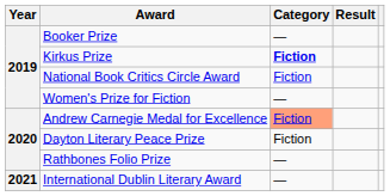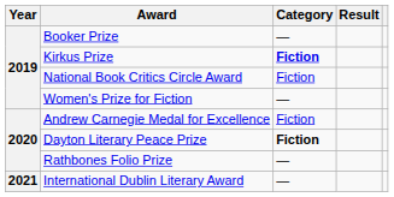 <table class="wikitable plainrowheaders sortable">
 <tr>
 <th scope="col">Year</th>
 <th scope="col">Award</th>
 <th scope="col">Category</th>
 <th scope="col">Result</th>
 <th scope="col" class="unsortable"></th>
 </tr>
 <tr>
 <th rowspan="4">2019</th>
 <td><a href='#'>Booker Prize</a></td>
 <td>—</td>
 <td></td>
 <td style="text-align:center;"></td>
 </tr>
 <tr>
 <td><a href='#'>Kirkus Prize</a></td>
 <td><strong><a href='#'>Fiction</a></strong></td>
 <td></td>
 <td style="text-align:center;"></td>
 </tr>
 <tr>
 <td><a href='#'>National Book Critics Circle Award</a></td>
 <td><a href='#'>Fiction</a></td>
 <td></td>
 <td style="text-align:center;"></td>
 </tr>
 <tr>
 <td><a href='#'>Women's Prize for Fiction</a></td>
 <td>—</td>
 <td></td>
 <td style="text-align:center;"></td>
 </tr>
 <tr>
 <th rowspan="3">2020</th>
 <td><a href='#'>Andrew Carnegie Medal for Excellence</a></td>
-<td style="background: lightsalmon;"><a href='#'>Fiction</a></td>
+<td><a href='#'>Fiction</a></td>
 <td></td>
 <td style="text-align:center;"></td>
 </tr>
 <tr>
 <td><a href='#'>Dayton Literary Peace Prize</a></td>
-<td>Fiction</td>
+<td><strong>Fiction</strong></td>
 <td></td>
 <td style="text-align:center;"></td>
 </tr>
 <tr>
 <td><a href='#'>Rathbones Folio Prize</a></td>
 <td>—</td>
 <td></td>
 <td style="text-align:center;"></td>
 </tr>
 <tr>
 <th>2021</th>
 <td><a href='#'>International Dublin Literary Award</a></td>
 <td>—</td>
 <td></td>
 <td style="text-align:center;"></td>
 </tr>
 </table>
